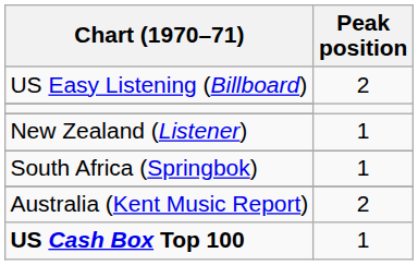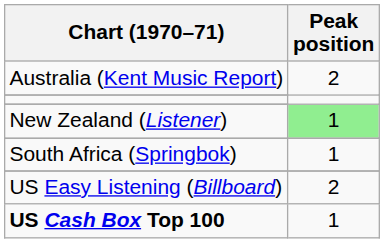 <table class="wikitable sortable">
 <tr>
 <th>Chart (1970–71)</th>
 <th>Peak<br>position</th>
 </tr>
 <tr>
-<td>US <a href='#'>Easy Listening</a> (<em><a href='#'>Billboard</a></em>)</td>
+<td>Australia (<a href='#'>Kent Music Report</a>)</td>
 <td style="text-align:center;">2</td>
 </tr>
 <tr>
 </tr>
 <tr>
 </tr>
 <tr>
 </tr>
 <tr>
 </tr>
 <tr>
 </tr>
 <tr>
 <td></td>
 </tr>
 <tr>
 </tr>
 <tr>
 <td>New Zealand (<em><a href='#'>Listener</a></em>)</td>
-<td style="text-align:center;">1</td>
+<td style="background: lightgreen; text-align:center;">1</td>
 </tr>
 <tr>
 </tr>
 <tr>
 <td>South Africa (<a href='#'>Springbok</a>)</td>
 <td align="center">1</td>
 </tr>
 <tr>
 </tr>
 <tr>
 </tr>
 <tr>
-<td>Australia (<a href='#'>Kent Music Report</a>)</td>
+<td>US <a href='#'>Easy Listening</a> (<em><a href='#'>Billboard</a></em>)</td>
 <td align="center">2</td>
 </tr>
 <tr>
 <td><strong>US <a href='#'><em>Cash Box</em></a> Top 100</strong></td>
 <td align="center">1</td>
 </tr>
 </table>
